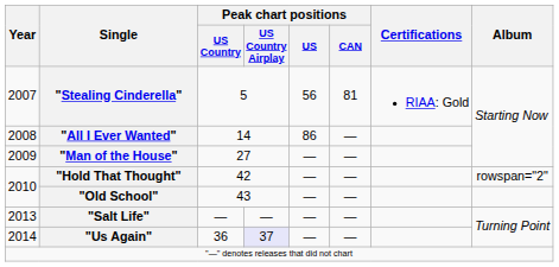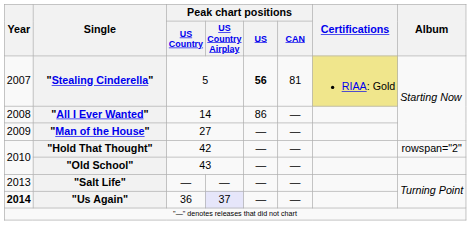 <table class="wikitable plainrowheaders" style="text-align:center;">
 <tr>
 <th rowspan="2">Year</th>
 <th rowspan="2" style="width:12em;">Single</th>
 <th colspan="4">Peak chart positions</th>
 <th rowspan="2"><a href='#'>Certifications</a></th>
 <th rowspan="2">Album</th>
 </tr>
 <tr style=font-size:smaller;>
 <th style="width:45px;"><a href='#'>US Country</a><br></th>
 <th style="width:45px;"><a href='#'>US Country Airplay</a><br></th>
 <th style="width:45px;"><a href='#'>US</a><br></th>
 <th style="width:45px;"><a href='#'>CAN</a><br></th>
 </tr>
 <tr>
 <td>2007</td>
 <th scope="row">"<a href='#'>Stealing Cinderella</a>"</th>
 <td colspan="2">5</td>
-<td>56</td>
+<td><strong>56</strong></td>
 <td>81</td>
-<td><br><ul><li><a href='#'>RIAA</a>: Gold</li></ul></td>
+<td style="background: khaki;"><br><ul><li><a href='#'>RIAA</a>: Gold</li></ul></td>
 <td rowspan="3" style="text-align:left;"><em>Starting Now</em></td>
 </tr>
 <tr>
 <td>2008</td>
 <th scope="row">"<a href='#'>All I Ever Wanted</a>"</th>
 <td colspan="2">14</td>
 <td>86</td>
 <td>—</td>
 <td></td>
 </tr>
 <tr>
 <td>2009</td>
 <th scope="row">"<a href='#'>Man of the House</a>"</th>
 <td colspan="2">27</td>
 <td>—</td>
 <td>—</td>
 <td></td>
 </tr>
 <tr>
 <td rowspan="2">2010</td>
 <th scope="row">"Hold That Thought"</th>
 <td colspan="2">42</td>
 <td>—</td>
 <td>—</td>
 <td></td>
 <td>rowspan="2" </td>
 </tr>
 <tr>
 <th scope="row">"Old School"</th>
 <td colspan="2">43</td>
 <td>—</td>
 <td>—</td>
 <td></td>
 </tr>
 <tr>
 <td>2013</td>
 <th scope="row">"Salt Life"</th>
 <td>—</td>
 <td>—</td>
 <td>—</td>
 <td>—</td>
 <td></td>
 <td rowspan="2" style="text-align:left;"><em>Turning Point</em></td>
 </tr>
 <tr>
-<td>2014</td>
+<td><strong>2014</strong></td>
 <th scope="row">"Us Again"</th>
 <td>36</td>
 <td style="background: lavender;">37</td>
 <td>—</td>
 <td>—</td>
 <td></td>
 </tr>
 <tr>
 <td colspan="8" style="font-size:8pt">"—" denotes releases that did not chart</td>
 </tr>
 </table>
